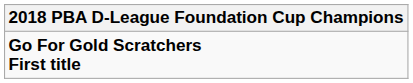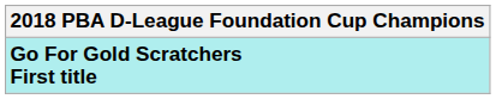 <table class="wikitable" "text-align:center" "margin-left: auto; margin-right: auto; border: none;">
 <tr>
 <th>2018 PBA D-League Foundation Cup Champions</th>
 </tr>
 <tr>
-<td><strong>Go For Gold Scratchers</strong><br> <strong>First title</strong></td>
+<td style="background: paleturquoise;"><strong>Go For Gold Scratchers</strong><br> <strong>First title</strong></td>
 </tr>
 </table>
